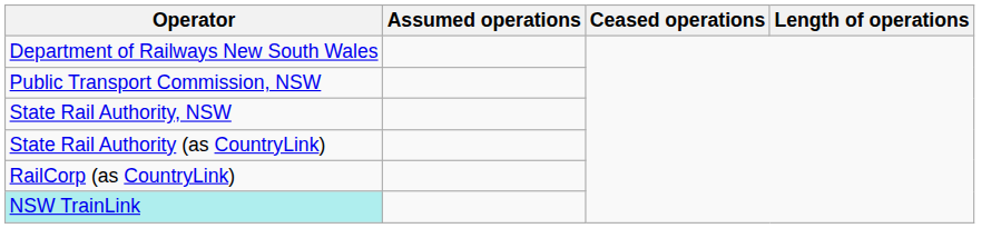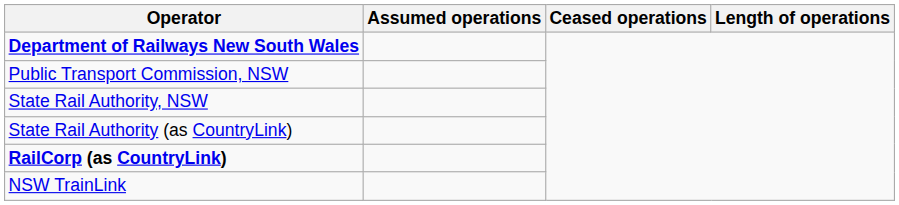 <table class="wikitable">
 <tr>
 <th>Operator</th>
 <th>Assumed operations</th>
 <th>Ceased operations</th>
 <th>Length of operations</th>
 </tr>
 <tr>
-<td><a href='#'>Department of Railways New South Wales</a></td>
+<td><strong><a href='#'>Department of Railways New South Wales</a></strong></td>
 <td></td>
 </tr>
 <tr>
 <td><a href='#'>Public Transport Commission, NSW</a></td>
 <td></td>
 </tr>
 <tr>
 <td><a href='#'>State Rail Authority, NSW</a></td>
 <td></td>
 </tr>
 <tr>
 <td><a href='#'>State Rail Authority</a> (as <a href='#'>CountryLink</a>)</td>
 <td></td>
 </tr>
 <tr>
-<td><a href='#'>RailCorp</a> (as <a href='#'>CountryLink</a>)</td>
+<td><strong><a href='#'>RailCorp</a> (as <a href='#'>CountryLink</a>)</strong></td>
 <td></td>
 </tr>
 <tr>
-<td style="background: paleturquoise;"><a href='#'>NSW TrainLink</a></td>
+<td><a href='#'>NSW TrainLink</a></td>
 <td></td>
 </tr>
 </table>
